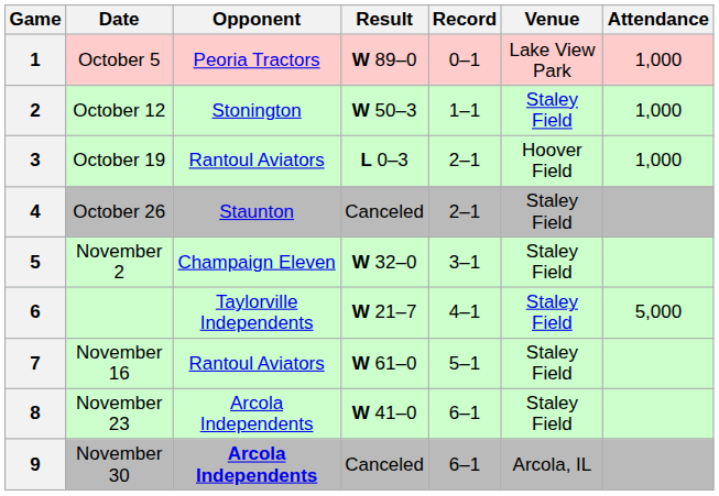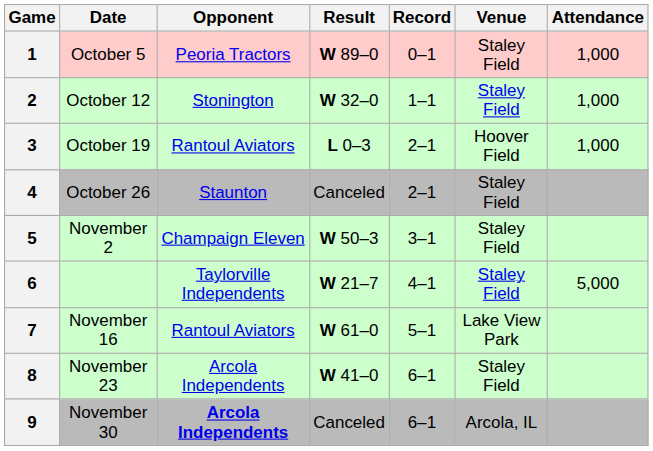 <table class="wikitable" style="text-align:center">
 <tr>
 <th>Game</th>
 <th>Date</th>
 <th>Opponent</th>
 <th>Result</th>
 <th>Record</th>
 <th>Venue</th>
 <th>Attendance</th>
 </tr>
 <tr style="background:#fcc">
 <th>1</th>
 <td>October 5</td>
 <td><a href='#'>Peoria Tractors</a></td>
 <td><strong>W</strong> 89–0</td>
 <td>0–1</td>
-<td>Lake View Park</td>
+<td>Staley Field</td>
 <td>1,000</td>
 </tr>
 <tr style="background:#cfc">
 <th>2</th>
 <td>October 12</td>
 <td><a href='#'>Stonington</a></td>
-<td><strong>W</strong> 50–3</td>
+<td><strong>W</strong> 32–0</td>
 <td>1–1</td>
 <td><a href='#'>Staley Field</a></td>
 <td>1,000</td>
 </tr>
 <tr style="background:#cfc">
 <th>3</th>
 <td>October 19</td>
 <td><a href='#'>Rantoul Aviators</a></td>
 <td><strong>L</strong> 0–3</td>
 <td>2–1</td>
 <td>Hoover Field</td>
 <td>1,000</td>
 </tr>
 <tr style="background:#bababa">
 <th>4</th>
 <td>October 26</td>
 <td><a href='#'>Staunton</a></td>
 <td>Canceled</td>
 <td>2–1</td>
 <td>Staley Field</td>
 <td></td>
 </tr>
 <tr style="background:#cfc">
 <th>5</th>
 <td>November 2</td>
 <td><a href='#'>Champaign Eleven</a></td>
-<td><strong>W</strong> 32–0</td>
+<td><strong>W</strong> 50–3</td>
 <td>3–1</td>
 <td>Staley Field</td>
 <td></td>
 </tr>
 <tr style="background:#cfc">
 <th>6</th>
 <td></td>
 <td><a href='#'>Taylorville Independents</a></td>
 <td><strong>W</strong> 21–7</td>
 <td>4–1</td>
 <td><a href='#'>Staley Field</a></td>
 <td>5,000</td>
 </tr>
 <tr style="background:#cfc">
 <th>7</th>
 <td>November 16</td>
 <td><a href='#'>Rantoul Aviators</a></td>
 <td><strong>W</strong> 61–0</td>
 <td>5–1</td>
-<td>Staley Field</td>
+<td>Lake View Park</td>
 <td></td>
 </tr>
 <tr style="background:#cfc">
 <th>8</th>
 <td>November 23</td>
 <td><a href='#'>Arcola Independents</a></td>
 <td><strong>W</strong> 41–0</td>
 <td>6–1</td>
 <td>Staley Field</td>
 <td></td>
 </tr>
 <tr style="background:#bababa">
 <th>9</th>
 <td>November 30</td>
 <td><strong><a href='#'>Arcola Independents</a></strong></td>
 <td>Canceled</td>
 <td>6–1</td>
 <td>Arcola, IL</td>
 <td></td>
 </tr>
 </table>
